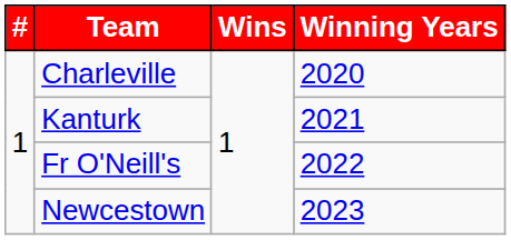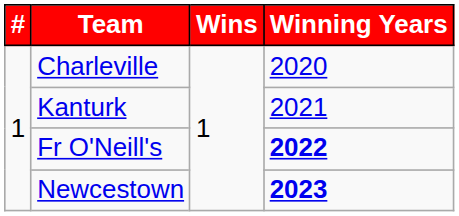 <table class="wikitable">
 <tr>
 <th style="background:red; color:white; border:1px solid black;">#</th>
 <th style="background:red; color:white; border:1px solid black;"><strong>Team</strong></th>
 <th style="background:red; color:white; border:1px solid black;"><strong>Wins</strong></th>
 <th style="background:red; color:white; border:1px solid black;"><strong>Winning Years</strong></th>
 </tr>
 <tr>
 <td rowspan=4>1</td>
 <td><a href='#'>Charleville</a></td>
 <td rowspan=4>1</td>
 <td><a href='#'>2020</a></td>
 </tr>
 <tr>
 <td><a href='#'>Kanturk</a></td>
 <td><a href='#'>2021</a></td>
 </tr>
 <tr>
 <td><a href='#'>Fr O'Neill's</a></td>
-<td><a href='#'>2022</a></td>
+<td><strong><a href='#'>2022</a></strong></td>
 </tr>
 <tr>
 <td><a href='#'>Newcestown</a></td>
-<td><a href='#'>2023</a></td>
+<td><strong><a href='#'>2023</a></strong></td>
 </tr>
 </table>
